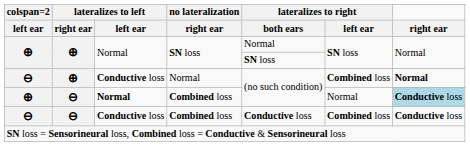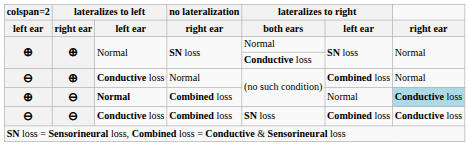 <table class="wikitable">
 <tr>
 <th>colspan=2 </th>
 <th colspan=2>lateralizes to left</th>
 <th>no lateralization</th>
 <th colspan=2>lateralizes to right</th>
 </tr>
 <tr>
 <th>left ear</th>
 <th>right ear</th>
 <th>left ear</th>
 <th>right ear</th>
 <th>both ears</th>
 <th>left ear</th>
 <th>right ear</th>
 </tr>
 <tr>
 <th rowspan=2><big>⊕</big></th>
 <th rowspan=2><big>⊕</big></th>
 <td rowspan=2>Normal</td>
 <td rowspan=2><strong>SN</strong> loss</td>
 <td>Normal</td>
 <td rowspan=2><strong>SN</strong> loss</td>
 <td rowspan=2>Normal</td>
 </tr>
 <tr>
-<td><strong>SN</strong> loss</td>
+<td><strong>Conductive</strong> loss</td>
 </tr>
 <tr>
 <th><big>⊖</big></th>
 <th><big>⊕</big></th>
 <td><strong>Conductive</strong> loss</td>
 <td>Normal</td>
 <td rowspan=2>(no such condition)</td>
 <td><strong>Combined</strong> loss</td>
-<td><strong>Normal</strong></td>
+<td>Normal</td>
 </tr>
 <tr>
 <th><big>⊕</big></th>
 <th><big>⊖</big></th>
 <td><strong>Normal</strong></td>
 <td><strong>Combined</strong> loss</td>
 <td>Normal</td>
 <td style="background: lightblue;"><strong>Conductive</strong> loss</td>
 </tr>
 <tr>
 <th><big>⊖</big></th>
 <th><big>⊖</big></th>
 <td><strong>Conductive</strong> loss</td>
 <td><strong>Combined</strong> loss</td>
-<td><strong>Conductive</strong> loss</td>
+<td><strong>SN</strong> loss</td>
 <td><strong>Combined</strong> loss</td>
 <td><strong>Conductive</strong> loss</td>
 </tr>
 <tr>
 <td colspan="8"><strong>SN</strong> loss = <strong>Sensorineural</strong> loss, <strong>Combined</strong> loss = <strong>Conductive</strong> & <strong>Sensorineural</strong> loss</td>
 </tr>
 </table>
